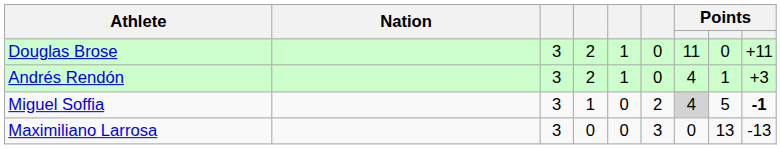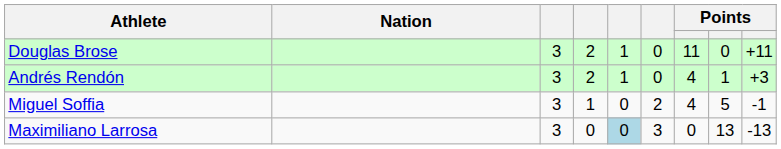 <table class="wikitable" style="text-align: center; font-size:100% ">
 <tr>
 <th rowspan=2 width=250>Athlete</th>
 <th rowspan=2 width=250>Nation</th>
 <th rowspan=2 width=25></th>
 <th rowspan=2 width=25></th>
 <th rowspan=2 width=25></th>
 <th rowspan=2 width=25></th>
 <th colspan=3>Points</th>
 </tr>
 <tr>
 <th width=25></th>
 <th width=25></th>
 <th width=25></th>
 </tr>
 <tr bgcolor="ccffcc">
 <td align=left><a href='#'>Douglas Brose</a></td>
 <td align=left></td>
 <td>3</td>
 <td>2</td>
 <td>1</td>
 <td>0</td>
 <td>11</td>
 <td>0</td>
 <td>+11</td>
 </tr>
 <tr bgcolor="ccffcc">
 <td align=left><a href='#'>Andrés Rendón</a></td>
 <td align=left></td>
 <td>3</td>
 <td>2</td>
 <td>1</td>
 <td>0</td>
 <td>4</td>
 <td>1</td>
 <td>+3</td>
 </tr>
 <tr>
 <td align=left><a href='#'>Miguel Soffia</a></td>
 <td align=left></td>
 <td>3</td>
 <td>1</td>
 <td>0</td>
 <td>2</td>
-<td style="background: lightgrey;">4</td>
+<td>4</td>
 <td>5</td>
-<td><strong>-1</strong></td>
+<td>-1</td>
 </tr>
 <tr>
 <td align=left><a href='#'>Maximiliano Larrosa</a></td>
 <td align=left></td>
 <td>3</td>
 <td>0</td>
-<td>0</td>
+<td style="background: lightblue;">0</td>
 <td>3</td>
 <td>0</td>
 <td>13</td>
 <td>-13</td>
 </tr>
 </table>
